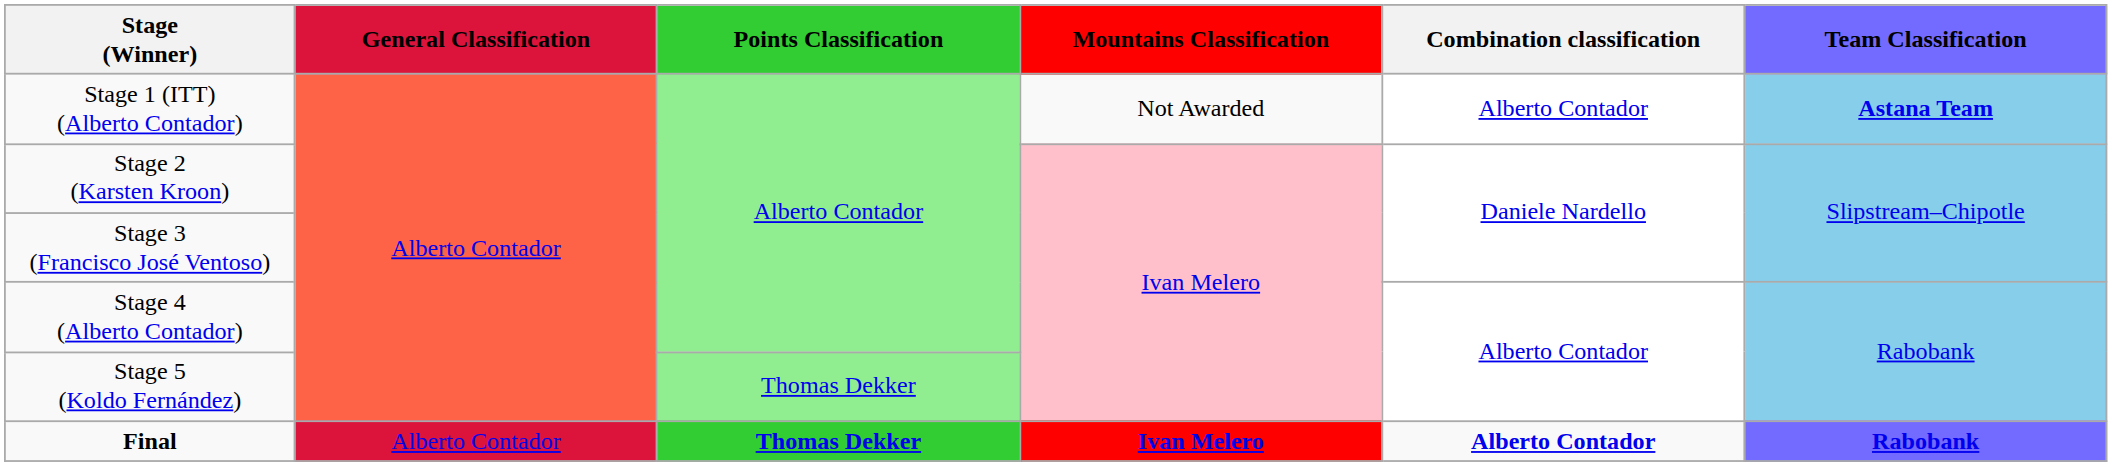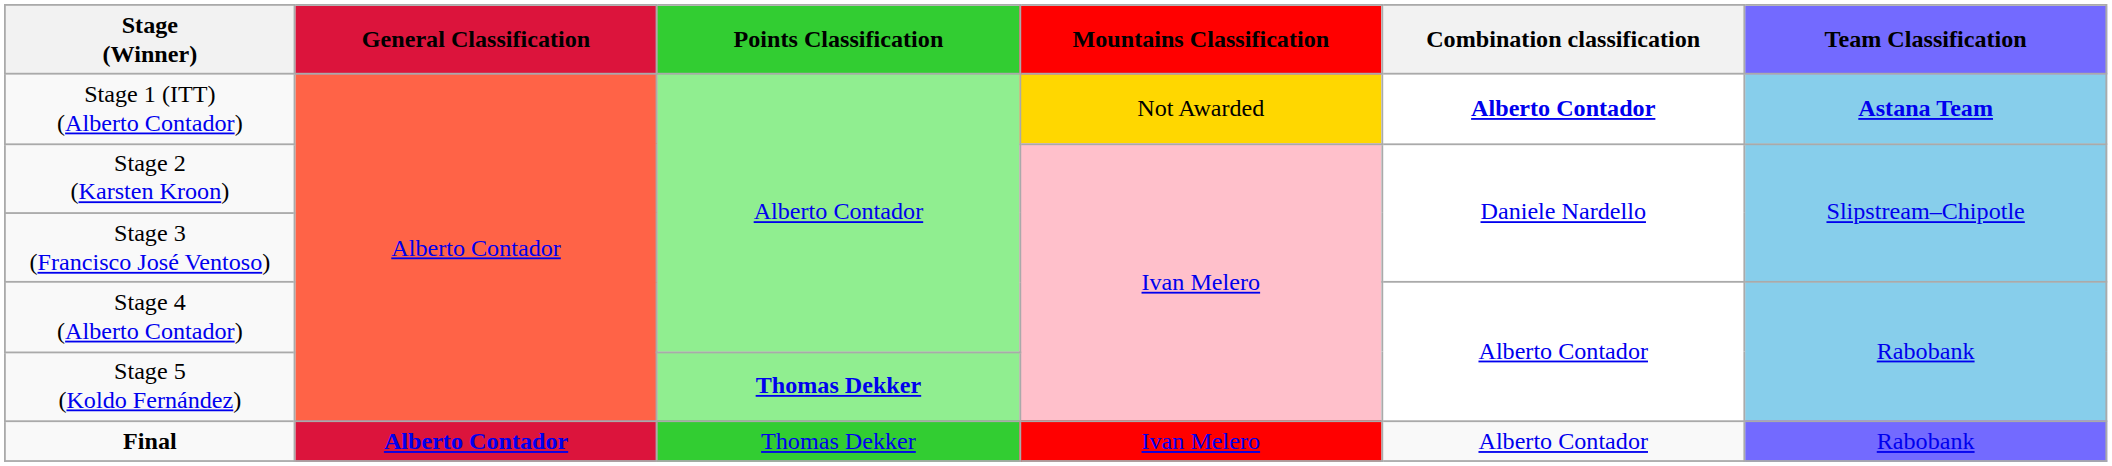 <table class="wikitable" style="text-align: center; font-size:smaller;">
 <tr>
 <th width="12%"><strong>Stage<br>(Winner)</strong></th>
 <th style="background-color:crimson;" width="15%"><strong>General Classification</strong></th>
 <th style="background-color:limegreen;" width="15%"><strong>Points Classification</strong></th>
 <th style="background-color:red;" width="15%"><strong>Mountains Classification</strong></th>
 <th style="background-color:offwhite;" width="15%"><strong>Combination classification</strong></th>
 <th style="background-color:#736AFF;" width="15%"><strong>Team Classification</strong></th>
 </tr>
 <tr>
 <td>Stage 1 (ITT)<br>(<a href='#'>Alberto Contador</a>)</td>
 <td style="background-color:tomato;" rowspan="5"><a href='#'>Alberto Contador</a></td>
 <td style="background-color:lightgreen;" rowspan="4"><a href='#'>Alberto Contador</a></td>
-<td>Not Awarded</td>
-<td style="background-color:white;" rowspan="1"><a href='#'>Alberto Contador</a></td>
+<td style="background: gold;">Not Awarded</td>
+<td style="background-color:white;" rowspan="1"><strong><a href='#'>Alberto Contador</a></strong></td>
 <td style="background-color:skyblue;" rowspan="1"><strong><a href='#'>Astana Team</a></strong></td>
 </tr>
 <tr>
 <td>Stage 2<br>(<a href='#'>Karsten Kroon</a>)</td>
 <td style="background-color:pink;" rowspan="4"><a href='#'>Ivan Melero</a></td>
 <td style="background-color:white;" rowspan="2"><a href='#'>Daniele Nardello</a></td>
 <td style="background-color:skyblue;" rowspan="2"><a href='#'>Slipstream–Chipotle</a></td>
 </tr>
 <tr>
 <td>Stage 3<br>(<a href='#'>Francisco José Ventoso</a>)</td>
 </tr>
 <tr>
 <td>Stage 4<br>(<a href='#'>Alberto Contador</a>)</td>
 <td style="background-color:white;" rowspan="2"><a href='#'>Alberto Contador</a></td>
 <td style="background-color:skyblue;" rowspan="2"><a href='#'>Rabobank</a></td>
 </tr>
 <tr>
 <td>Stage 5<br>(<a href='#'>Koldo Fernández</a>)</td>
-<td style="background-color:lightgreen;" rowspan="1"><a href='#'>Thomas Dekker</a></td>
+<td style="background-color:lightgreen;" rowspan="1"><strong><a href='#'>Thomas Dekker</a></strong></td>
 </tr>
 <tr>
 <td><strong>Final</strong><br></td>
-<td style="background-color:crimson;" rowspan="1"><a href='#'>Alberto Contador</a></td>
-<td style="background-color:limegreen;" rowspan="1"><strong><a href='#'>Thomas Dekker</a></strong></td>
-<td style="background-color:red;" rowspan="1"><strong><a href='#'>Ivan Melero</a></strong></td>
-<td style="background-color:offwhite;" rowspan="1"><strong><a href='#'>Alberto Contador</a></strong></td>
-<td style="background-color:#736AFF;" rowspan="1"><strong><a href='#'>Rabobank</a></strong></td>
+<td style="background-color:crimson;" rowspan="1"><strong><a href='#'>Alberto Contador</a></strong></td>
+<td style="background-color:limegreen;" rowspan="1"><a href='#'>Thomas Dekker</a></td>
+<td style="background-color:red;" rowspan="1"><a href='#'>Ivan Melero</a></td>
+<td style="background-color:offwhite;" rowspan="1"><a href='#'>Alberto Contador</a></td>
+<td style="background-color:#736AFF;" rowspan="1"><a href='#'>Rabobank</a></td>
 </tr>
 </table>
